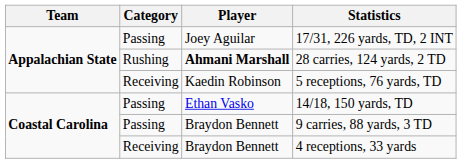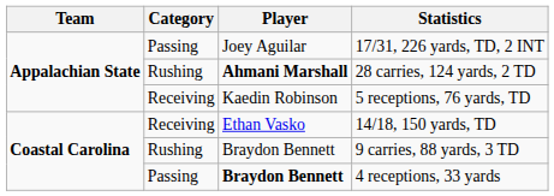 <table class="wikitable" style="float: right;">
 <tr>
 <th>Team</th>
 <th>Category</th>
 <th>Player</th>
 <th>Statistics</th>
 </tr>
 <tr>
 <td rowspan=3><strong>Appalachian State</strong></td>
 <td>Passing</td>
 <td>Joey Aguilar</td>
 <td>17/31, 226 yards, TD, 2 INT</td>
 </tr>
 <tr>
 <td>Rushing</td>
 <td><strong>Ahmani Marshall</strong></td>
 <td>28 carries, 124 yards, 2 TD</td>
 </tr>
 <tr>
 <td>Receiving</td>
 <td>Kaedin Robinson</td>
 <td>5 receptions, 76 yards, TD</td>
 </tr>
 <tr>
 <td rowspan=3><strong>Coastal Carolina</strong></td>
-<td>Passing</td>
+<td>Receiving</td>
 <td><a href='#'>Ethan Vasko</a></td>
 <td>14/18, 150 yards, TD</td>
 </tr>
 <tr>
-<td>Passing</td>
+<td>Rushing</td>
 <td>Braydon Bennett</td>
 <td>9 carries, 88 yards, 3 TD</td>
 </tr>
 <tr>
-<td>Receiving</td>
-<td>Braydon Bennett</td>
+<td>Passing</td>
+<td><strong>Braydon Bennett</strong></td>
 <td>4 receptions, 33 yards</td>
 </tr>
 </table>
